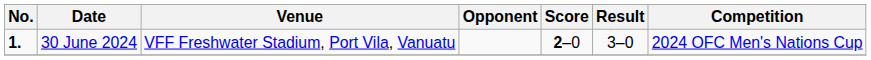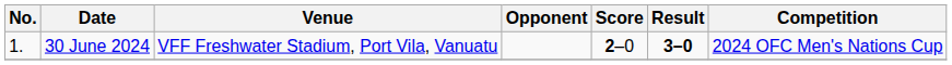 <table class="wikitable">
 <tr>
 <th>No.</th>
 <th>Date</th>
 <th>Venue</th>
 <th>Opponent</th>
 <th>Score</th>
 <th>Result</th>
 <th>Competition</th>
 </tr>
 <tr>
-<td><strong>1.</strong></td>
+<td>1.</td>
 <td><a href='#'>30 June 2024</a></td>
 <td><a href='#'>VFF Freshwater Stadium</a>, <a href='#'>Port Vila</a>, <a href='#'>Vanuatu</a></td>
 <td></td>
 <td align=center><strong>2</strong>–0</td>
-<td align=center>3–0</td>
+<td align=center><strong>3–0</strong></td>
 <td><a href='#'>2024 OFC Men's Nations Cup</a></td>
 </tr>
 <tr>
 </tr>
 </table>
